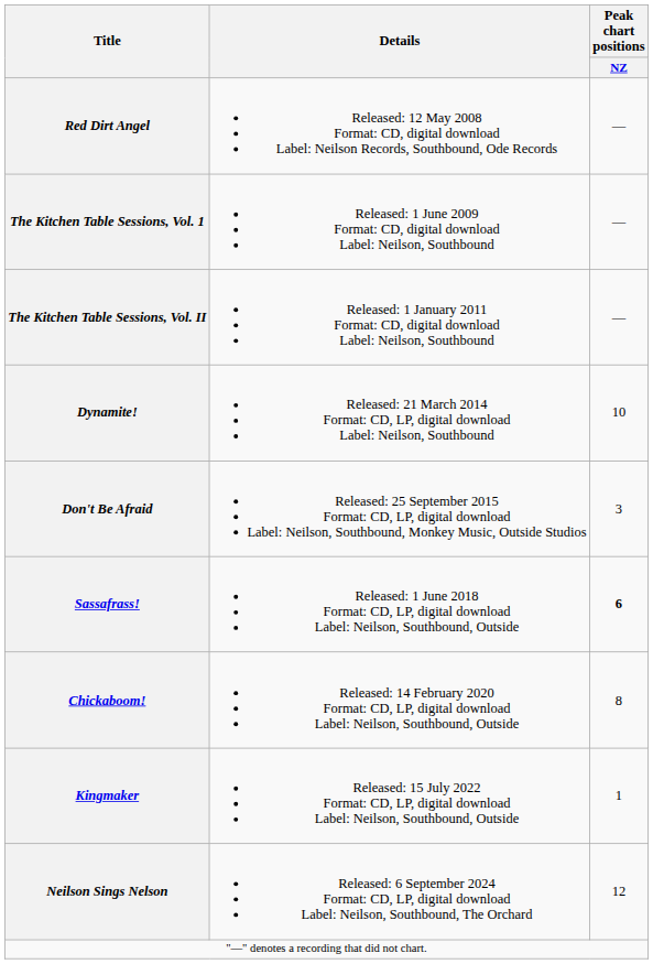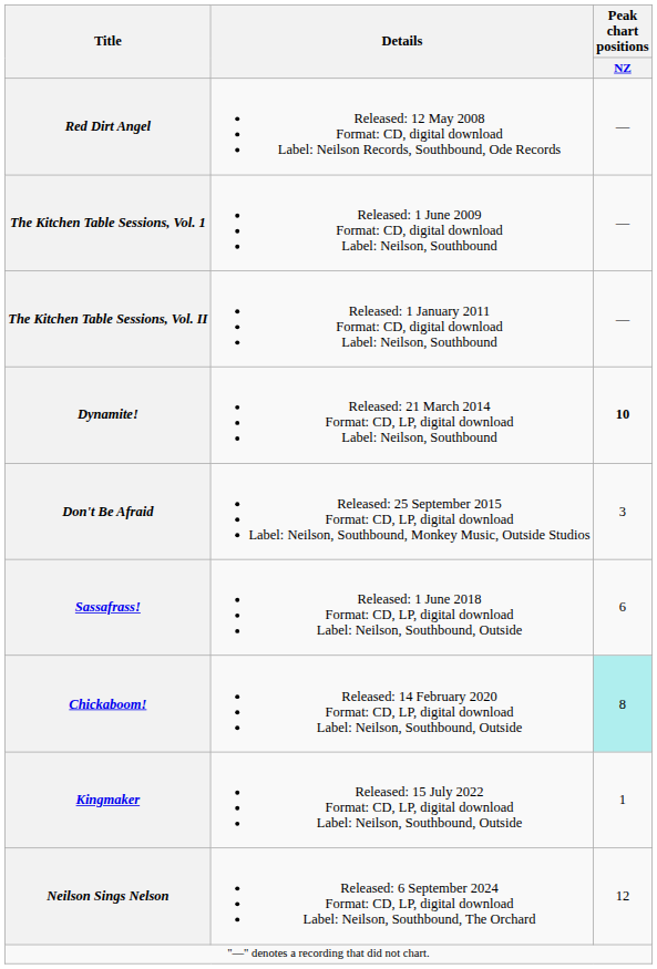 <table class="wikitable plainrowheaders" style="text-align:center;" border="1">
 <tr>
 <th scope="col" rowspan="2">Title</th>
 <th scope="col" rowspan="2">Details</th>
 <th scope="col">Peak chart positions</th>
 </tr>
 <tr>
 <th scope="col" style="width:3em;font-size:90%;"><a href='#'>NZ</a><br></th>
 </tr>
 <tr>
 <th scope="row"><em>Red Dirt Angel</em></th>
 <td><br><ul><li>Released: 12 May 2008</li><li>Format: CD, digital download</li><li>Label: Neilson Records, Southbound, Ode Records</li></ul></td>
 <td>—</td>
 </tr>
 <tr>
 <th scope="row"><em>The Kitchen Table Sessions, Vol. 1</em><br></th>
 <td><br><ul><li>Released: 1 June 2009</li><li>Format: CD, digital download</li><li>Label: Neilson, Southbound</li></ul></td>
 <td>—</td>
 </tr>
 <tr>
 <th scope="row"><em>The Kitchen Table Sessions, Vol. II</em><br></th>
 <td><br><ul><li>Released: 1 January 2011</li><li>Format: CD, digital download</li><li>Label: Neilson, Southbound</li></ul></td>
 <td>—</td>
 </tr>
 <tr>
 <th scope="row"><em>Dynamite!</em></th>
 <td><br><ul><li>Released: 21 March 2014</li><li>Format: CD, LP, digital download</li><li>Label: Neilson, Southbound</li></ul></td>
-<td>10</td>
+<td><strong>10</strong></td>
 </tr>
 <tr>
 <th scope="row"><em>Don't Be Afraid</em></th>
 <td><br><ul><li>Released: 25 September 2015</li><li>Format: CD, LP, digital download</li><li>Label: Neilson, Southbound, Monkey Music, Outside Studios</li></ul></td>
 <td>3</td>
 </tr>
 <tr>
 <th scope="row"><em><a href='#'>Sassafrass!</a></em></th>
 <td><br><ul><li>Released: 1 June 2018</li><li>Format: CD, LP, digital download</li><li>Label: Neilson, Southbound, Outside</li></ul></td>
-<td><strong>6</strong></td>
+<td>6</td>
 </tr>
 <tr>
 <th scope="row"><em><a href='#'>Chickaboom!</a></em></th>
 <td><br><ul><li>Released: 14 February 2020</li><li>Format: CD, LP, digital download</li><li>Label: Neilson, Southbound, Outside</li></ul></td>
-<td>8</td>
+<td style="background: paleturquoise;">8</td>
 </tr>
 <tr>
 <th scope="row"><em><a href='#'>Kingmaker</a></em></th>
 <td><br><ul><li>Released: 15 July 2022</li><li>Format: CD, LP, digital download</li><li>Label: Neilson, Southbound, Outside</li></ul></td>
 <td>1</td>
 </tr>
 <tr>
 <th scope="row"><em>Neilson Sings Nelson</em></th>
 <td><br><ul><li>Released: 6 September 2024</li><li>Format: CD, LP, digital download</li><li>Label: Neilson, Southbound, The Orchard</li></ul></td>
 <td>12<br></td>
 </tr>
 <tr>
 <td colspan="7" style="font-size:85%;">"—" denotes a recording that did not chart.</td>
 </tr>
 </table>
